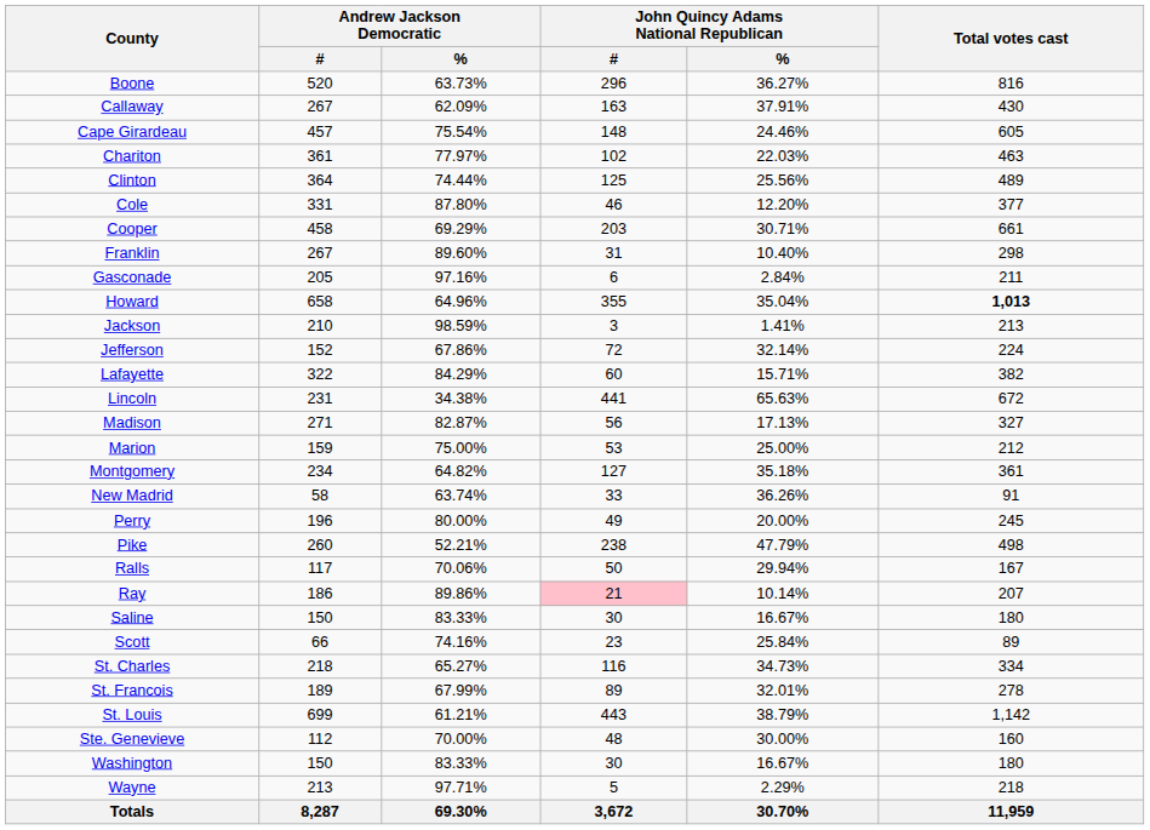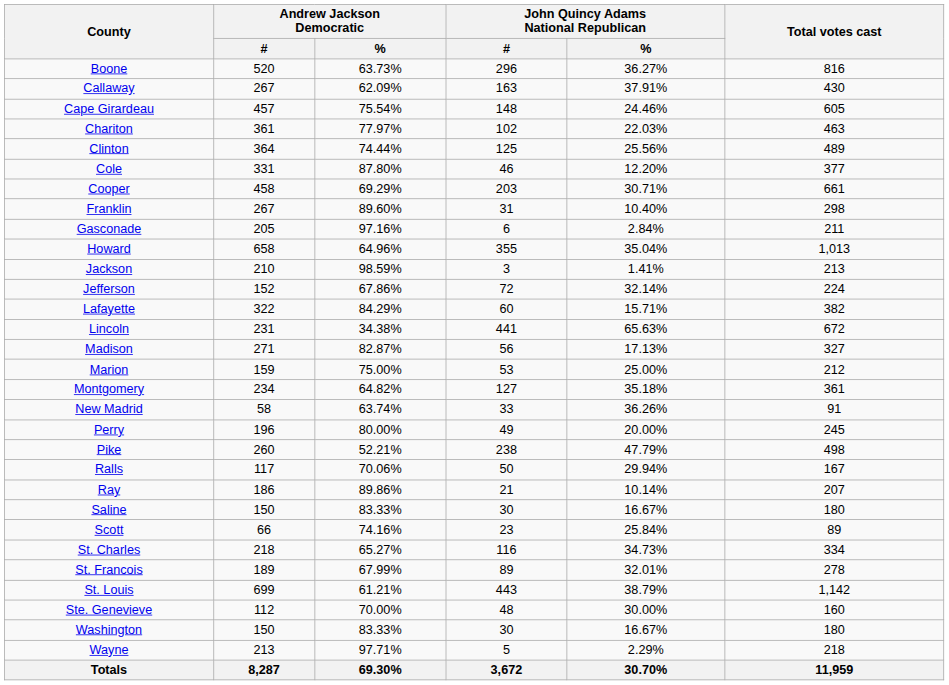 <table class="wikitable sortable" width="60%">
 <tr>
 <th rowspan="2">County</th>
 <th colspan="2">Andrew Jackson<br>Democratic</th>
 <th colspan="2">John Quincy Adams<br>National Republican</th>
 <th rowspan="2">Total votes cast</th>
 </tr>
 <tr>
 <th data-sort-type="number" style="text-align:center;">#</th>
 <th data-sort-type="number" style="text-align:center;">%</th>
 <th data-sort-type="number" style="text-align:center;">#</th>
 <th data-sort-type="number" style="text-align:center;">%</th>
 </tr>
 <tr style="text-align:center;">
 <td><a href='#'>Boone</a></td>
 <td>520</td>
 <td>63.73%</td>
 <td>296</td>
 <td>36.27%</td>
 <td>816</td>
 </tr>
 <tr style="text-align:center;">
 <td><a href='#'>Callaway</a></td>
 <td>267</td>
 <td>62.09%</td>
 <td>163</td>
 <td>37.91%</td>
 <td>430</td>
 </tr>
 <tr style="text-align:center;">
 <td><a href='#'>Cape Girardeau</a></td>
 <td>457</td>
 <td>75.54%</td>
 <td>148</td>
 <td>24.46%</td>
 <td>605</td>
 </tr>
 <tr style="text-align:center;">
 <td><a href='#'>Chariton</a></td>
 <td>361</td>
 <td>77.97%</td>
 <td>102</td>
 <td>22.03%</td>
 <td>463</td>
 </tr>
 <tr style="text-align:center;">
 <td><a href='#'>Clinton</a></td>
 <td>364</td>
 <td>74.44%</td>
 <td>125</td>
 <td>25.56%</td>
 <td>489</td>
 </tr>
 <tr style="text-align:center;">
 <td><a href='#'>Cole</a></td>
 <td>331</td>
 <td>87.80%</td>
 <td>46</td>
 <td>12.20%</td>
 <td>377</td>
 </tr>
 <tr style="text-align:center;">
 <td><a href='#'>Cooper</a></td>
 <td>458</td>
 <td>69.29%</td>
 <td>203</td>
 <td>30.71%</td>
 <td>661</td>
 </tr>
 <tr style="text-align:center;">
 <td><a href='#'>Franklin</a></td>
 <td>267</td>
 <td>89.60%</td>
 <td>31</td>
 <td>10.40%</td>
 <td>298</td>
 </tr>
 <tr style="text-align:center;">
 <td><a href='#'>Gasconade</a></td>
 <td>205</td>
 <td>97.16%</td>
 <td>6</td>
 <td>2.84%</td>
 <td>211</td>
 </tr>
 <tr style="text-align:center;">
 <td><a href='#'>Howard</a></td>
 <td>658</td>
 <td>64.96%</td>
 <td>355</td>
 <td>35.04%</td>
-<td><strong>1,013</strong></td>
+<td>1,013</td>
 </tr>
 <tr style="text-align:center;">
 <td><a href='#'>Jackson</a></td>
 <td>210</td>
 <td>98.59%</td>
 <td>3</td>
 <td>1.41%</td>
 <td>213</td>
 </tr>
 <tr style="text-align:center;">
 <td><a href='#'>Jefferson</a></td>
 <td>152</td>
 <td>67.86%</td>
 <td>72</td>
 <td>32.14%</td>
 <td>224</td>
 </tr>
 <tr style="text-align:center;">
 <td><a href='#'>Lafayette</a></td>
 <td>322</td>
 <td>84.29%</td>
 <td>60</td>
 <td>15.71%</td>
 <td>382</td>
 </tr>
 <tr style="text-align:center;">
 <td><a href='#'>Lincoln</a></td>
 <td>231</td>
 <td>34.38%</td>
 <td>441</td>
 <td>65.63%</td>
 <td>672</td>
 </tr>
 <tr style="text-align:center;">
 <td><a href='#'>Madison</a></td>
 <td>271</td>
 <td>82.87%</td>
 <td>56</td>
 <td>17.13%</td>
 <td>327</td>
 </tr>
 <tr style="text-align:center;">
 <td><a href='#'>Marion</a></td>
 <td>159</td>
 <td>75.00%</td>
 <td>53</td>
 <td>25.00%</td>
 <td>212</td>
 </tr>
 <tr style="text-align:center;">
 <td><a href='#'>Montgomery</a></td>
 <td>234</td>
 <td>64.82%</td>
 <td>127</td>
 <td>35.18%</td>
 <td>361</td>
 </tr>
 <tr style="text-align:center;">
 <td><a href='#'>New Madrid</a></td>
 <td>58</td>
 <td>63.74%</td>
 <td>33</td>
 <td>36.26%</td>
 <td>91</td>
 </tr>
 <tr style="text-align:center;">
 <td><a href='#'>Perry</a></td>
 <td>196</td>
 <td>80.00%</td>
 <td>49</td>
 <td>20.00%</td>
 <td>245</td>
 </tr>
 <tr style="text-align:center;">
 <td><a href='#'>Pike</a></td>
 <td>260</td>
 <td>52.21%</td>
 <td>238</td>
 <td>47.79%</td>
 <td>498</td>
 </tr>
 <tr style="text-align:center;">
 <td><a href='#'>Ralls</a></td>
 <td>117</td>
 <td>70.06%</td>
 <td>50</td>
 <td>29.94%</td>
 <td>167</td>
 </tr>
 <tr style="text-align:center;">
 <td><a href='#'>Ray</a></td>
 <td>186</td>
 <td>89.86%</td>
-<td style="background: pink;">21</td>
+<td>21</td>
 <td>10.14%</td>
 <td>207</td>
 </tr>
 <tr style="text-align:center;">
 <td><a href='#'>Saline</a></td>
 <td>150</td>
 <td>83.33%</td>
 <td>30</td>
 <td>16.67%</td>
 <td>180</td>
 </tr>
 <tr style="text-align:center;">
 <td><a href='#'>Scott</a></td>
 <td>66</td>
 <td>74.16%</td>
 <td>23</td>
 <td>25.84%</td>
 <td>89</td>
 </tr>
 <tr style="text-align:center;">
 <td><a href='#'>St. Charles</a></td>
 <td>218</td>
 <td>65.27%</td>
 <td>116</td>
 <td>34.73%</td>
 <td>334</td>
 </tr>
 <tr style="text-align:center;">
 <td><a href='#'>St. Francois</a></td>
 <td>189</td>
 <td>67.99%</td>
 <td>89</td>
 <td>32.01%</td>
 <td>278</td>
 </tr>
 <tr style="text-align:center;">
 <td><a href='#'>St. Louis</a></td>
 <td>699</td>
 <td>61.21%</td>
 <td>443</td>
 <td>38.79%</td>
 <td>1,142</td>
 </tr>
 <tr style="text-align:center;">
 <td><a href='#'>Ste. Genevieve</a></td>
 <td>112</td>
 <td>70.00%</td>
 <td>48</td>
 <td>30.00%</td>
 <td>160</td>
 </tr>
 <tr style="text-align:center;">
 <td><a href='#'>Washington</a></td>
 <td>150</td>
 <td>83.33%</td>
 <td>30</td>
 <td>16.67%</td>
 <td>180</td>
 </tr>
 <tr style="text-align:center;">
 <td><a href='#'>Wayne</a></td>
 <td>213</td>
 <td>97.71%</td>
 <td>5</td>
 <td>2.29%</td>
 <td>218</td>
 </tr>
 <tr>
 <th>Totals</th>
 <th>8,287</th>
 <th>69.30%</th>
 <th>3,672</th>
 <th>30.70%</th>
 <th>11,959</th>
 </tr>
 </table>
